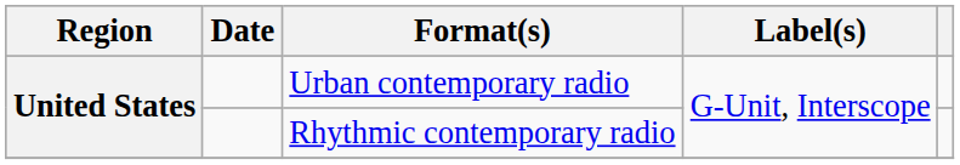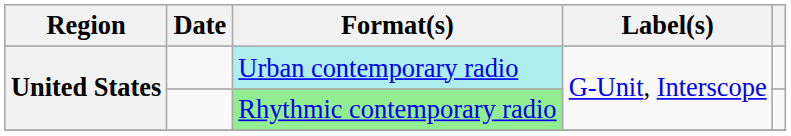 <table class="wikitable plainrowheaders" style="text-align:left">
 <tr>
 <th scope="col">Region</th>
 <th scope="col">Date</th>
 <th scope="col">Format(s)</th>
 <th scope="col">Label(s)</th>
 <th scope="col"></th>
 </tr>
 <tr>
 <th rowspan="2" scope="row">United States</th>
 <td></td>
-<td><a href='#'>Urban contemporary radio</a></td>
+<td style="background: paleturquoise;"><a href='#'>Urban contemporary radio</a></td>
 <td rowspan="2"><a href='#'>G-Unit</a>, <a href='#'>Interscope</a></td>
 <td></td>
 </tr>
 <tr>
 <td></td>
-<td><a href='#'>Rhythmic contemporary radio</a></td>
+<td style="background: lightgreen;"><a href='#'>Rhythmic contemporary radio</a></td>
 <td></td>
 </tr>
 <tr>
 </tr>
 </table>
